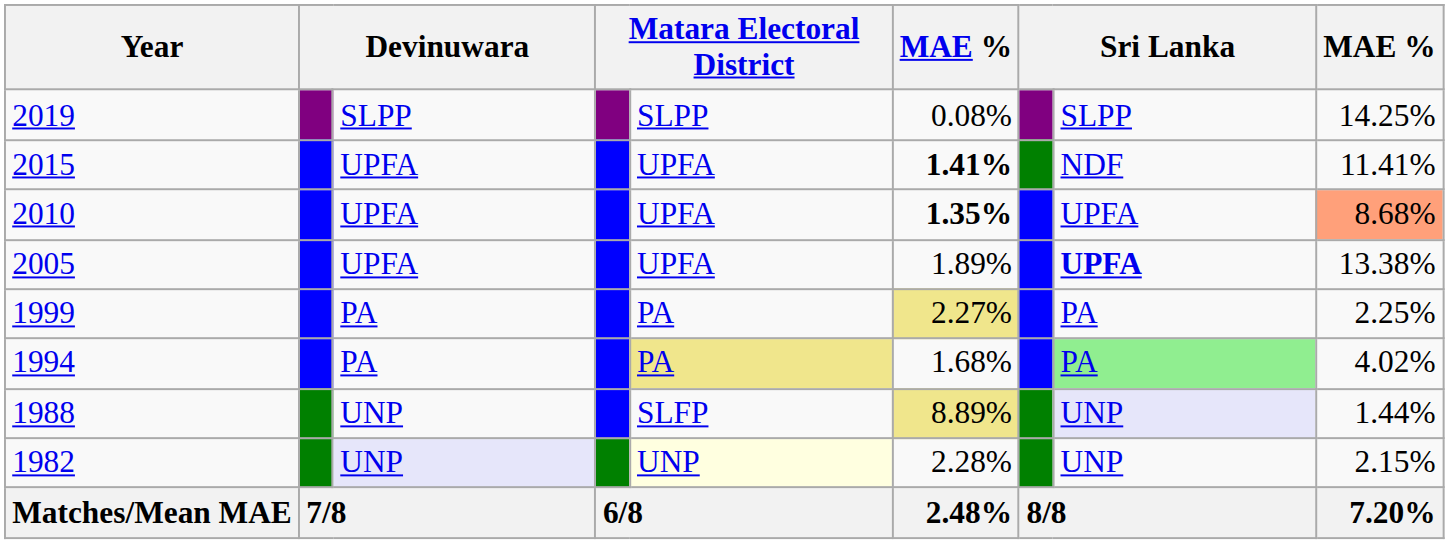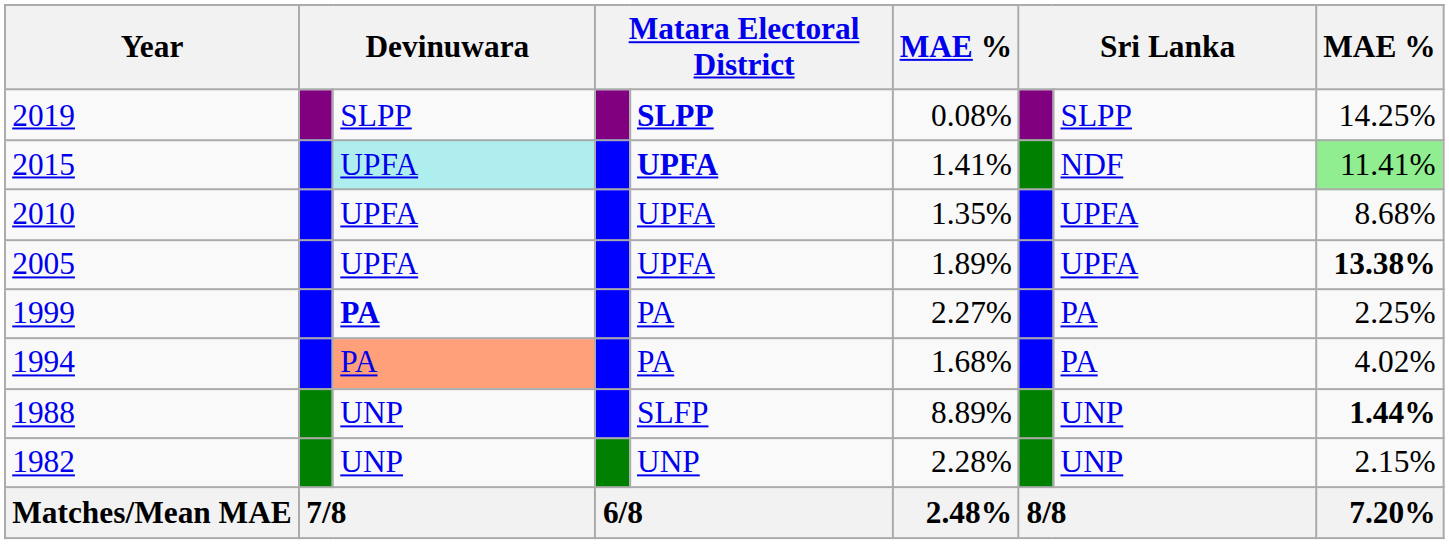 <table class="wikitable">
 <tr>
 <th>Year</th>
 <th colspan="2" width="144px">Devinuwara</th>
 <th colspan="2" width="144px"><a href='#'>Matara Electoral District</a></th>
 <th><a href='#'>MAE</a> %</th>
 <th colspan="2" width="144px">Sri Lanka</th>
 <th>MAE %</th>
 </tr>
 <tr>
 <td><a href='#'>2019</a></td>
 <td style="background-color:purple;" width="10px"></td>
 <td style="text-align:left;"><a href='#'>SLPP</a></td>
 <td style="background-color:purple;" width="10px"></td>
-<td style="text-align:left;"><a href='#'>SLPP</a></td>
+<td style="text-align:left;"><strong><a href='#'>SLPP</a></strong></td>
 <td style="text-align:right;">0.08%</td>
 <td style="background-color:purple;" width="10px"></td>
 <td style="text-align:left;"><a href='#'>SLPP</a></td>
 <td style="text-align:right;">14.25%</td>
 </tr>
 <tr>
 <td><a href='#'>2015</a></td>
 <td style="background-color:blue;" width="10px"></td>
-<td style="text-align:left;"><a href='#'>UPFA</a></td>
+<td style="background: paleturquoise; text-align:left;"><a href='#'>UPFA</a></td>
 <td style="background-color:blue;" width="10px"></td>
-<td style="text-align:left;"><a href='#'>UPFA</a></td>
-<td style="text-align:right;"><strong>1.41%</strong></td>
+<td style="text-align:left;"><strong><a href='#'>UPFA</a></strong></td>
+<td style="text-align:right;">1.41%</td>
 <td style="background-color:green;" width="10px"></td>
 <td style="text-align:left;"><a href='#'>NDF</a></td>
-<td style="text-align:right;">11.41%</td>
+<td style="background: lightgreen; text-align:right;">11.41%</td>
 </tr>
 <tr>
 <td><a href='#'>2010</a></td>
 <td style="background-color:blue;" width="10px"></td>
 <td style="text-align:left;"><a href='#'>UPFA</a></td>
 <td style="background-color:blue;" width="10px"></td>
 <td style="text-align:left;"><a href='#'>UPFA</a></td>
-<td style="text-align:right;"><strong>1.35%</strong></td>
+<td style="text-align:right;">1.35%</td>
 <td style="background-color:blue;" width="10px"></td>
 <td style="text-align:left;"><a href='#'>UPFA</a></td>
-<td style="background: lightsalmon; text-align:right;">8.68%</td>
+<td style="text-align:right;">8.68%</td>
 </tr>
 <tr>
 <td><a href='#'>2005</a></td>
 <td style="background-color:blue;" width="10px"></td>
 <td style="text-align:left;"><a href='#'>UPFA</a></td>
 <td style="background-color:blue;" width="10px"></td>
 <td style="text-align:left;"><a href='#'>UPFA</a></td>
 <td style="text-align:right;">1.89%</td>
 <td style="background-color:blue;" width="10px"></td>
-<td style="text-align:left;"><strong><a href='#'>UPFA</a></strong></td>
-<td style="text-align:right;">13.38%</td>
+<td style="text-align:left;"><a href='#'>UPFA</a></td>
+<td style="text-align:right;"><strong>13.38%</strong></td>
 </tr>
 <tr>
 <td><a href='#'>1999</a></td>
 <td style="background-color:blue;" width="10px"></td>
-<td style="text-align:left;"><a href='#'>PA</a></td>
+<td style="text-align:left;"><strong><a href='#'>PA</a></strong></td>
 <td style="background-color:blue;" width="10px"></td>
 <td style="text-align:left;"><a href='#'>PA</a></td>
-<td style="background: khaki; text-align:right;">2.27%</td>
+<td style="text-align:right;">2.27%</td>
 <td style="background-color:blue;" width="10px"></td>
 <td style="text-align:left;"><a href='#'>PA</a></td>
 <td style="text-align:right;">2.25%</td>
 </tr>
 <tr>
 <td><a href='#'>1994</a></td>
 <td style="background-color:blue;" width="10px"></td>
+<td style="background: lightsalmon; text-align:left;"><a href='#'>PA</a></td>
+<td style="background-color:blue;" width="10px"></td>
 <td style="text-align:left;"><a href='#'>PA</a></td>
-<td style="background-color:blue;" width="10px"></td>
-<td style="background: khaki; text-align:left;"><a href='#'>PA</a></td>
 <td style="text-align:right;">1.68%</td>
 <td style="background-color:blue;" width="10px"></td>
-<td style="background: lightgreen; text-align:left;"><a href='#'>PA</a></td>
+<td style="text-align:left;"><a href='#'>PA</a></td>
 <td style="text-align:right;">4.02%</td>
 </tr>
 <tr>
 <td><a href='#'>1988</a></td>
 <td style="background-color:green;" width="10px"></td>
 <td style="text-align:left;"><a href='#'>UNP</a></td>
 <td style="background-color:blue;" width="10px"></td>
 <td style="text-align:left;"><a href='#'>SLFP</a></td>
-<td style="background: khaki; text-align:right;">8.89%</td>
+<td style="text-align:right;">8.89%</td>
 <td style="background-color:green;" width="10px"></td>
-<td style="background: lavender; text-align:left;"><a href='#'>UNP</a></td>
-<td style="text-align:right;">1.44%</td>
+<td style="text-align:left;"><a href='#'>UNP</a></td>
+<td style="text-align:right;"><strong>1.44%</strong></td>
 </tr>
 <tr>
 <td><a href='#'>1982</a></td>
 <td style="background-color:green;" width="10px"></td>
-<td style="background: lavender; text-align:left;"><a href='#'>UNP</a></td>
+<td style="text-align:left;"><a href='#'>UNP</a></td>
 <td style="background-color:green;" width="10px"></td>
-<td style="background: lightyellow; text-align:left;"><a href='#'>UNP</a></td>
+<td style="text-align:left;"><a href='#'>UNP</a></td>
 <td style="text-align:right;">2.28%</td>
 <td style="background-color:green;" width="10px"></td>
 <td style="text-align:left;"><a href='#'>UNP</a></td>
 <td style="text-align:right;">2.15%</td>
 </tr>
 <tr>
 <th>Matches/Mean MAE</th>
 <th style="text-align:left;"colspan="2" width="144px">7/8</th>
 <th style="text-align:left;"colspan="2" width="144px">6/8</th>
 <th style="text-align:right;">2.48%</th>
 <th style="text-align:left;"colspan="2" width="144px">8/8</th>
 <th style="text-align:right;">7.20%</th>
 </tr>
 </table>
